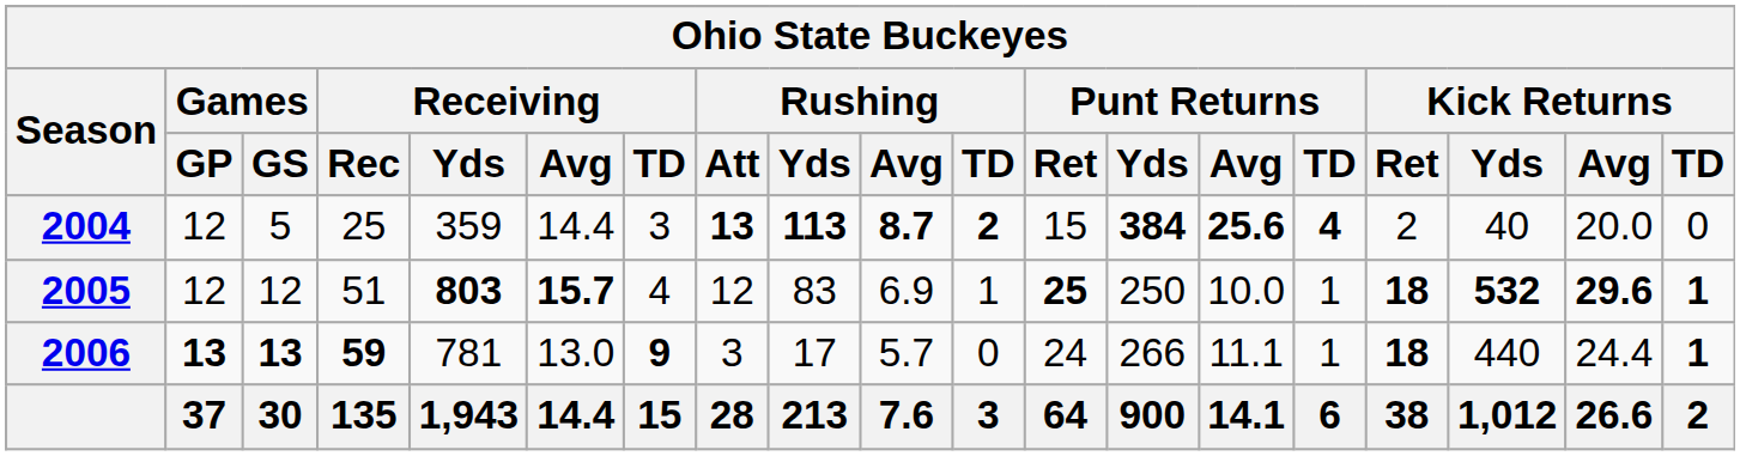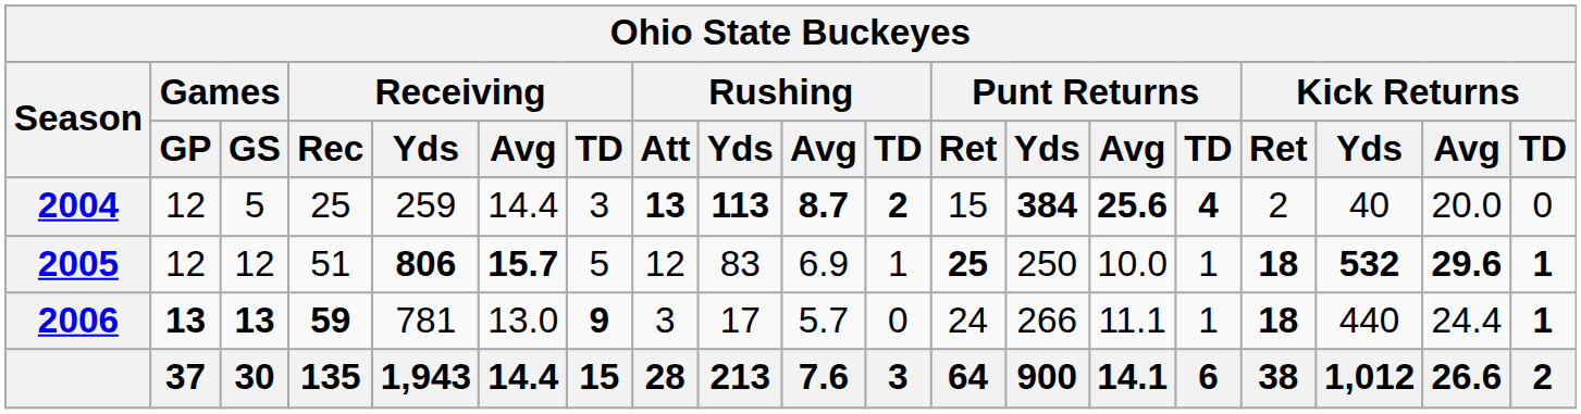 <table class="wikitable" style="text-align:center;">
 <tr College statistics>
 </tr>
 <tr>
 <th colspan="20">Ohio State Buckeyes</th>
 </tr>
 <tr>
 <th rowspan="2">Season</th>
 <th colspan="2">Games</th>
 <th colspan="4">Receiving</th>
 <th colspan="4">Rushing</th>
 <th colspan="4">Punt Returns</th>
 <th colspan="4">Kick Returns</th>
 </tr>
 <tr>
 <th>GP</th>
 <th>GS</th>
 <th>Rec</th>
 <th>Yds</th>
 <th>Avg</th>
 <th>TD</th>
 <th>Att</th>
 <th>Yds</th>
 <th>Avg</th>
 <th>TD</th>
 <th>Ret</th>
 <th>Yds</th>
 <th>Avg</th>
 <th>TD</th>
 <th>Ret</th>
 <th>Yds</th>
 <th>Avg</th>
 <th>TD</th>
 </tr>
 <tr>
 <th><a href='#'>2004</a></th>
 <td>12</td>
 <td>5</td>
 <td>25</td>
-<td>359</td>
+<td>259</td>
 <td>14.4</td>
 <td>3</td>
 <td><strong>13</strong></td>
 <td><strong>113</strong></td>
 <td><strong>8.7</strong></td>
 <td><strong>2</strong></td>
 <td>15</td>
 <td><strong>384</strong></td>
 <td><strong>25.6</strong></td>
 <td><strong>4</strong></td>
 <td>2</td>
 <td>40</td>
 <td>20.0</td>
 <td>0</td>
 </tr>
 <tr>
 <th><a href='#'>2005</a></th>
 <td>12</td>
 <td>12</td>
 <td>51</td>
-<td><strong>803</strong></td>
+<td><strong>806</strong></td>
 <td><strong>15.7</strong></td>
-<td>4</td>
+<td>5</td>
 <td>12</td>
 <td>83</td>
 <td>6.9</td>
 <td>1</td>
 <td><strong>25</strong></td>
 <td>250</td>
 <td>10.0</td>
 <td>1</td>
 <td><strong>18</strong></td>
 <td><strong>532</strong></td>
 <td><strong>29.6</strong></td>
 <td><strong>1</strong></td>
 </tr>
 <tr>
 <th><a href='#'>2006</a></th>
 <td><strong>13</strong></td>
 <td><strong>13</strong></td>
 <td><strong>59</strong></td>
 <td>781</td>
 <td>13.0</td>
 <td><strong>9</strong></td>
 <td>3</td>
 <td>17</td>
 <td>5.7</td>
 <td>0</td>
 <td>24</td>
 <td>266</td>
 <td>11.1</td>
 <td>1</td>
 <td><strong>18</strong></td>
 <td>440</td>
 <td>24.4</td>
 <td><strong>1</strong></td>
 </tr>
 <tr>
 <th></th>
 <th>37</th>
 <th>30</th>
 <th>135</th>
 <th>1,943</th>
 <th>14.4</th>
 <th>15</th>
 <th>28</th>
 <th>213</th>
 <th>7.6</th>
 <th>3</th>
 <th>64</th>
 <th>900</th>
 <th>14.1</th>
 <th>6</th>
 <th>38</th>
 <th>1,012</th>
 <th>26.6</th>
 <th>2</th>
 </tr>
 </table>
